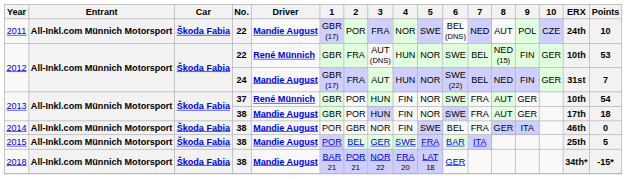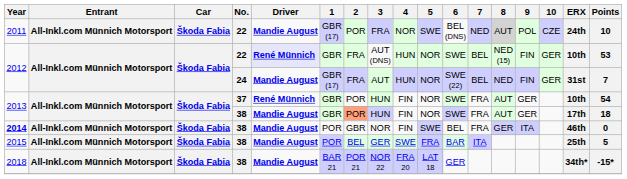 <table class="wikitable" border="1" style="text-align:center; font-size:90%;">
 <tr valign="top">
 <th>Year</th>
 <th>Entrant</th>
 <th>Car</th>
 <th>No.</th>
 <th>Driver</th>
 <th>1</th>
 <th>2</th>
 <th>3</th>
 <th>4</th>
 <th>5</th>
 <th>6</th>
 <th>7</th>
 <th>8</th>
 <th>9</th>
 <th>10</th>
 <th>ERX</th>
 <th>Points</th>
 </tr>
 <tr>
 <td><a href='#'>2011</a></td>
 <th>All-Inkl.com Münnich Motorsport</th>
 <th><a href='#'>Škoda Fabia</a></th>
 <th>22</th>
 <td align="left"><strong> <a href='#'>Mandie August</a></strong></td>
 <td style="background:#CFCFFF;">GBR<br><small>(17)</small></td>
 <td style="background:#DFFFDF;">POR<br></td>
 <td style="background:#CFCFFF;">FRA<br></td>
 <td style="background:#DFFFDF;">NOR<br></td>
 <td style="background:#CFCFFF;">SWE<br></td>
 <td>BEL<br><small>(DNS)</small></td>
 <td style="background:#CFCFFF;">NED<br></td>
-<td>AUT<br></td>
+<td style="background: lightgrey;">AUT<br></td>
 <td style="background:#DFFFDF;">POL<br></td>
 <td style="background:#CFCFFF;">CZE <br></td>
 <th>24th</th>
 <th>10</th>
 </tr>
 <tr>
 <td rowspan=2><a href='#'>2012</a></td>
 <th rowspan=2>All-Inkl.com Münnich Motorsport</th>
 <th rowspan=2><a href='#'>Škoda Fabia</a></th>
 <th>22</th>
-<td align="left"><strong> <a href='#'>René Münnich</a></strong></td>
+<td align="left" style="background: lavender;"><strong> <a href='#'>René Münnich</a></strong></td>
 <td style="background:#DFFFDF;">GBR<br></td>
 <td style="background:#DFFFDF;">FRA<br></td>
 <td>AUT<br><small>(DNS)</small></td>
 <td style="background:#DFFFDF;">HUN<br></td>
 <td style="background:#DFFFDF;">NOR<br></td>
 <td style="background:#DFFFDF;">SWE<br></td>
 <td style="background:#DFFFDF;">BEL<br></td>
 <td style="background:#DFFFDF;">NED<br><small>(15)</small></td>
 <td style="background:#DFFFDF;">FIN<br></td>
 <td style="background:#DFFFDF;">GER<br></td>
 <th>10th</th>
 <th>53</th>
 </tr>
 <tr>
 <th>24</th>
 <td align="left"><strong> <a href='#'>Mandie August</a></strong></td>
 <td style="background:#CFCFFF;">GBR<br><small>(17)</small></td>
 <td style="background:#CFCFFF;">FRA<br></td>
 <td style="background:#DFFFDF;">AUT<br></td>
 <td style="background:#CFCFFF;">HUN<br></td>
 <td style="background:#CFCFFF;">NOR<br></td>
 <td style="background:#CFCFFF;">SWE<br><small>(22)</small></td>
 <td style="background:#CFCFFF;">BEL<br></td>
 <td style="background:#CFCFFF;">NED<br></td>
 <td style="background:#CFCFFF;">FIN<br></td>
 <td style="background:#DFFFDF;">GER<br></td>
 <th>31st</th>
 <th>7</th>
 </tr>
 <tr>
 <td rowspan=2><a href='#'>2013</a></td>
 <th rowspan=2>All-Inkl.com Münnich Motorsport</th>
 <th rowspan=2><a href='#'>Škoda Fabia</a></th>
 <th>37</th>
 <td align="left"> <strong><a href='#'>René Münnich</a></strong></td>
 <td style="background:#DFFFDF;">GBR<br></td>
 <td>POR</td>
 <td style="background:#DFFFDF;">HUN<br></td>
 <td>FIN</td>
 <td>NOR</td>
 <td style="background:#DFFFDF;">SWE<br></td>
 <td>FRA</td>
 <td style="background:#DFFFDF;">AUT<br></td>
 <td>GER</td>
 <td></td>
 <th>10th</th>
 <th>54</th>
 </tr>
 <tr>
 <th>38</th>
 <td align="left"><strong> <a href='#'>Mandie August</a></strong></td>
 <td style="background:#DFFFDF;">GBR<br></td>
-<td>POR</td>
+<td style="background: lightsalmon;">POR</td>
 <td style="background:#CFCFFF;">HUN<br></td>
 <td>FIN</td>
 <td>NOR</td>
 <td style="background:#CFCFFF;">SWE<br></td>
 <td>FRA</td>
 <td style="background:#DFFFDF;">AUT<br></td>
 <td>GER</td>
 <td></td>
 <th>17th</th>
 <th>18</th>
 </tr>
 <tr>
-<td><a href='#'>2014</a></td>
+<td><strong><a href='#'>2014</a></strong></td>
 <th>All-Inkl.com Münnich Motorsport</th>
 <th><a href='#'>Škoda Fabia</a></th>
 <th>38</th>
 <td align="left"><strong> <a href='#'>Mandie August</a></strong></td>
 <td>POR</td>
 <td>GBR</td>
 <td>NOR</td>
 <td>FIN</td>
 <td style="background:#cfcfff;">SWE<br></td>
 <td>BEL</td>
 <td>FRA</td>
 <td style="background:#cfcfff;">GER<br></td>
 <td style="background:#cfcfff;">ITA<br></td>
 <td></td>
 <th>46th</th>
 <th>0</th>
 </tr>
 <tr>
 <td><a href='#'>2015</a></td>
 <th>All-Inkl.com Münnich Motorsport</th>
 <th><a href='#'>Škoda Fabia</a></th>
 <th>38</th>
 <td align="left"><strong> <a href='#'>Mandie August</a></strong></td>
 <td style="background:#CFCFFF;"><a href='#'>POR</a><br></td>
 <td style="background:#DFFFDF;"><a href='#'>BEL</a><br></td>
 <td style="background:#DFFFDF;"><a href='#'>GER</a><br></td>
 <td style="background:#DFFFDF;"><a href='#'>SWE</a><br></td>
 <td style="background:#CFCFFF;"><a href='#'>FRA</a><br></td>
 <td style="background:#DFFFDF;"><a href='#'>BAR</a><br></td>
 <td style="background:#CFCFFF;"><a href='#'>ITA</a><br></td>
 <td></td>
 <td></td>
 <td></td>
 <th>25th</th>
 <th>5</th>
 </tr>
 <tr>
 <td><a href='#'>2018</a></td>
 <th>All-Inkl.com Münnich Motorsport</th>
 <th><a href='#'>Škoda Fabia</a></th>
 <th>38</th>
 <td align="left"><strong> <a href='#'>Mandie August</a></strong></td>
 <td style="background:#CFCFFF;"><a href='#'>BAR</a><br><small>21</small></td>
 <td style="background:#CFCFFF;"><a href='#'>POR</a><br><small>21</small></td>
 <td style="background:#CFCFFF;"><a href='#'>NOR</a><br><small>22</small></td>
 <td style="background:#CFCFFF;"><a href='#'>FRA</a><br><small>20</small></td>
 <td style="background:#CFCFFF;"><a href='#'>LAT</a><br><small>18</small></td>
 <td><a href='#'>GER</a><br><small></small></td>
 <td></td>
 <td></td>
 <td></td>
 <td></td>
 <th>34th*</th>
 <th>-15*</th>
 </tr>
 <tr>
 </tr>
 </table>
